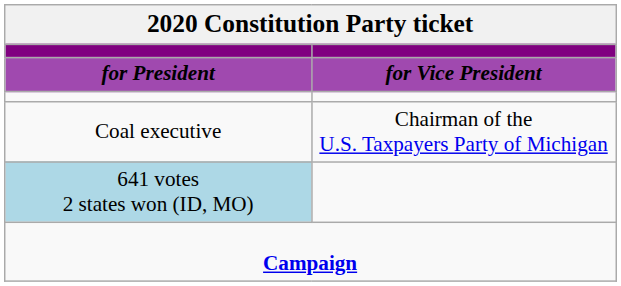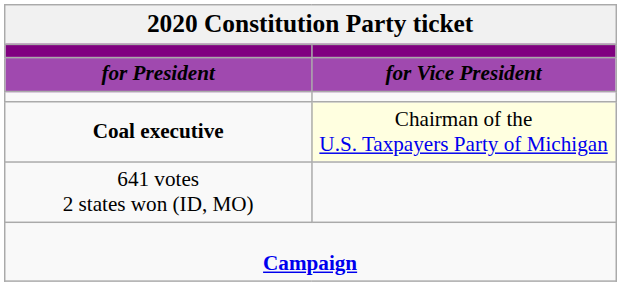 <table class="wikitable" style="font-size:90%; text-align:center;">
 <tr>
 <td colspan="30" style="background:#f1f1f1;"><big><strong>2020 Constitution Party ticket</strong></big></td>
 </tr>
 <tr>
 <th style="width:3em; font-size:135%; background:purple; width:200px;"></th>
 <th style="width:3em; font-size:135%; background:purple;"></th>
 </tr>
 <tr style="color:#000; font-size:100%; background:#A049AF;">
 <td style="width:3em; width:200px;"><strong><em>for President</em></strong></td>
 <td style="width:3em; width:200px;"><strong><em>for Vice President</em></strong></td>
 </tr>
 <tr>
 <td></td>
 <td></td>
 </tr>
 <tr>
-<td>Coal executive</td>
-<td>Chairman of the <br> <a href='#'>U.S. Taxpayers Party of Michigan</a></td>
+<td><strong>Coal executive</strong></td>
+<td style="background: lightyellow;">Chairman of the <br> <a href='#'>U.S. Taxpayers Party of Michigan</a></td>
 </tr>
 <tr>
-<td style="background: lightblue;">641 votes<br>2 states won (ID, MO)</td>
+<td>641 votes<br>2 states won (ID, MO)</td>
 <td></td>
 </tr>
 <tr>
 <td colspan="2"><br><a href='#'><strong>Campaign</strong></a></td>
 </tr>
 </table>
